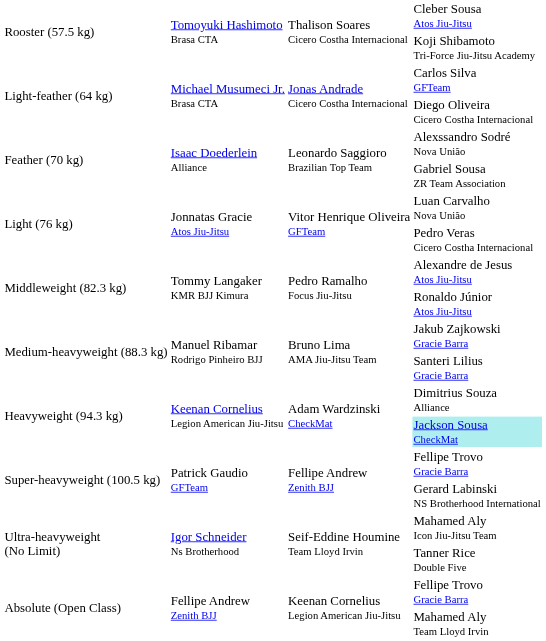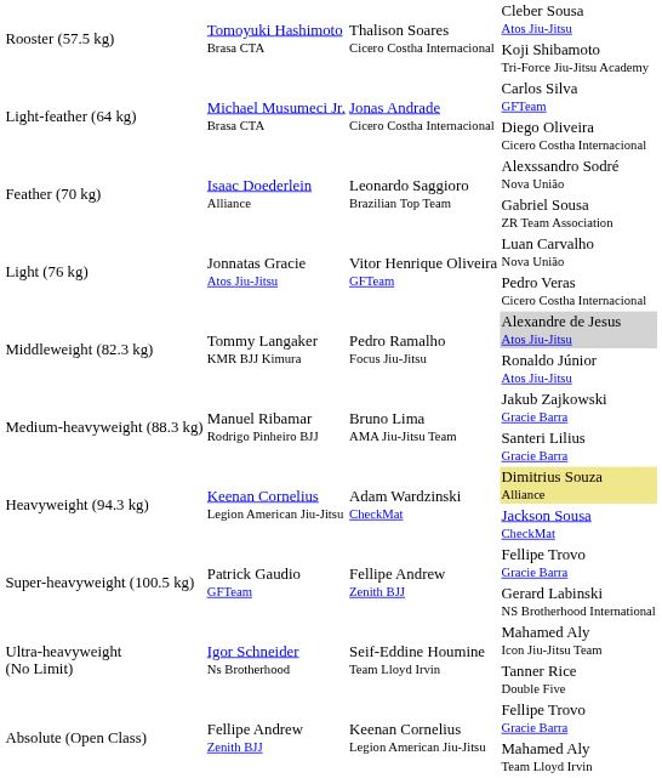 <table>
 <tr>
 <td rowspan=2>Rooster (57.5 kg)</td>
 <td rowspan=2> <a href='#'>Tomoyuki Hashimoto</a><br><small>Brasa CTA</small></td>
 <td rowspan=2> Thalison Soares<br><small>Cicero Costha Internacional</small></td>
 <td> Cleber Sousa<br><small><a href='#'>Atos Jiu-Jitsu</a></small></td>
 </tr>
 <tr>
 <td> Koji Shibamoto<br><small>Tri-Force Jiu-Jitsu Academy</small></td>
 </tr>
 <tr>
 <td rowspan=2>Light-feather (64 kg)</td>
 <td rowspan=2> <a href='#'>Michael Musumeci Jr.</a><br><small>Brasa CTA</small></td>
 <td rowspan=2> <a href='#'>Jonas Andrade</a><br><small>Cicero Costha Internacional</small></td>
 <td> Carlos Silva<br><small><a href='#'>GFTeam</a></small></td>
 </tr>
 <tr>
 <td> Diego Oliveira<br><small>Cicero Costha Internacional</small></td>
 </tr>
 <tr>
 <td rowspan=2>Feather (70 kg)</td>
 <td rowspan=2> <a href='#'>Isaac Doederlein</a><br><small>Alliance</small></td>
 <td rowspan=2> Leonardo Saggioro<br><small>Brazilian Top Team</small></td>
 <td> Alexssandro Sodré<br><small>Nova União</small></td>
 </tr>
 <tr>
 <td> Gabriel Sousa<br><small>ZR Team Association</small></td>
 </tr>
 <tr>
 <td rowspan=2>Light (76 kg)</td>
 <td rowspan=2> Jonnatas Gracie<br><small><a href='#'>Atos Jiu-Jitsu</a></small></td>
 <td rowspan=2> Vitor Henrique Oliveira<br><small><a href='#'>GFTeam</a></small></td>
 <td> Luan Carvalho<br><small>Nova União</small></td>
 </tr>
 <tr>
 <td> Pedro Veras<br><small>Cicero Costha Internacional</small></td>
 </tr>
 <tr>
 <td rowspan=2>Middleweight (82.3 kg)</td>
 <td rowspan=2> Tommy Langaker<br><small>KMR BJJ Kimura</small></td>
 <td rowspan=2> Pedro Ramalho<br><small>Focus Jiu-Jitsu</small></td>
-<td> Alexandre de Jesus<br><small><a href='#'>Atos Jiu-Jitsu</a></small></td>
+<td style="background: lightgrey;"> Alexandre de Jesus<br><small><a href='#'>Atos Jiu-Jitsu</a></small></td>
 </tr>
 <tr>
 <td> Ronaldo Júnior<br><small><a href='#'>Atos Jiu-Jitsu</a></small></td>
 </tr>
 <tr>
 <td rowspan=2>Medium-heavyweight (88.3 kg)</td>
 <td rowspan=2> Manuel Ribamar<br><small>Rodrigo Pinheiro BJJ</small></td>
 <td rowspan=2> Bruno Lima<br><small>AMA Jiu-Jitsu Team</small></td>
 <td> Jakub Zajkowski<br><small><a href='#'>Gracie Barra</a></small></td>
 </tr>
 <tr>
 <td> Santeri Lilius<br><small><a href='#'>Gracie Barra</a></small></td>
 </tr>
 <tr>
 <td rowspan=2>Heavyweight (94.3 kg)</td>
 <td rowspan=2> <a href='#'>Keenan Cornelius</a><br><small>Legion American Jiu-Jitsu</small></td>
 <td rowspan=2> Adam Wardzinski<br><small><a href='#'>CheckMat</a></small></td>
-<td> Dimitrius Souza<br><small>Alliance</small></td>
+<td style="background: khaki;"> Dimitrius Souza<br><small>Alliance</small></td>
 </tr>
 <tr>
-<td style="background: paleturquoise;"> <a href='#'>Jackson Sousa</a><br><small><a href='#'>CheckMat</a></small></td>
+<td> <a href='#'>Jackson Sousa</a><br><small><a href='#'>CheckMat</a></small></td>
 </tr>
 <tr>
 <td rowspan=2>Super-heavyweight (100.5 kg)</td>
 <td rowspan=2> Patrick Gaudio<br><small><a href='#'>GFTeam</a></small></td>
 <td rowspan=2> Fellipe Andrew<br><small><a href='#'>Zenith BJJ</a></small></td>
 <td> Fellipe Trovo<br><small><a href='#'>Gracie Barra</a></small></td>
 </tr>
 <tr>
 <td> Gerard Labinski<br><small>NS Brotherhood International</small></td>
 </tr>
 <tr>
 <td rowspan=2>Ultra-heavyweight<br>(No Limit)</td>
 <td rowspan=2> <a href='#'>Igor Schneider</a><br><small>Ns Brotherhood</small></td>
 <td rowspan=2> Seif-Eddine Houmine<br><small>Team Lloyd Irvin</small></td>
 <td> Mahamed Aly<br><small>Icon Jiu-Jitsu Team</small></td>
 </tr>
 <tr>
 <td> Tanner Rice<br><small>Double Five</small></td>
 </tr>
 <tr>
 <td rowspan=2>Absolute (Open Class)</td>
 <td rowspan=2> Fellipe Andrew<br><small><a href='#'>Zenith BJJ</a></small></td>
 <td rowspan=2> Keenan Cornelius<br><small>Legion American Jiu-Jitsu</small></td>
 <td> Fellipe Trovo<br><small><a href='#'>Gracie Barra</a></small></td>
 </tr>
 <tr>
 <td> Mahamed Aly<br><small>Team Lloyd Irvin</small></td>
 </tr>
 <tr>
 </tr>
 </table>
